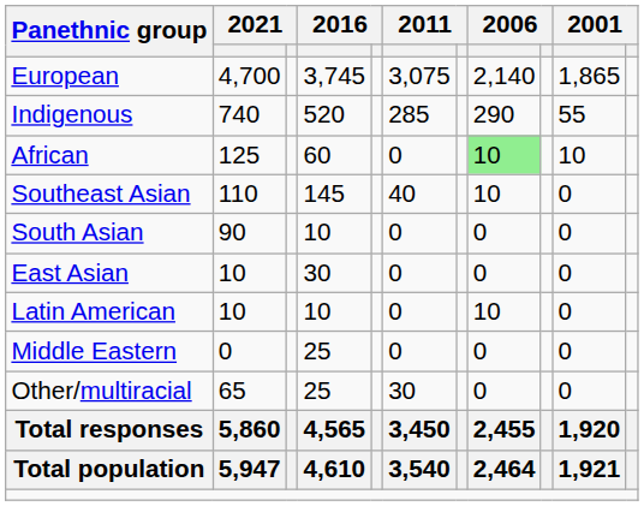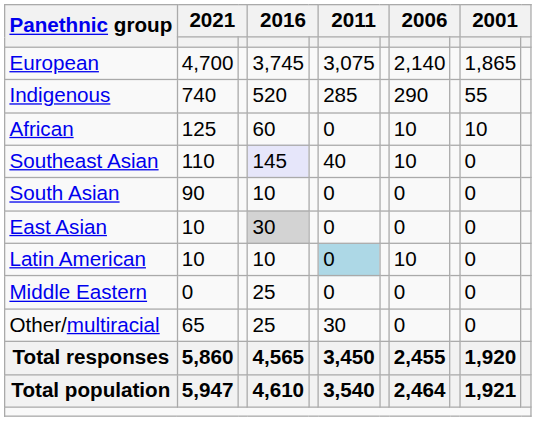 <table class="wikitable collapsible sortable">
 <tr>
 <th rowspan="2"><a href='#'>Panethnic</a> group</th>
 <th colspan="2">2021</th>
 <th colspan="2">2016</th>
 <th colspan="2">2011</th>
 <th colspan="2">2006</th>
 <th colspan="2">2001</th>
 </tr>
 <tr>
 <th><a href='#'></a></th>
 <th></th>
 <th></th>
 <th></th>
 <th></th>
 <th></th>
 <th></th>
 <th></th>
 <th></th>
 <th></th>
 </tr>
 <tr>
 <td><a href='#'>European</a></td>
 <td>4,700</td>
 <td></td>
 <td>3,745</td>
 <td></td>
 <td>3,075</td>
 <td></td>
 <td>2,140</td>
 <td></td>
 <td>1,865</td>
 <td></td>
 </tr>
 <tr>
 <td><a href='#'>Indigenous</a></td>
 <td>740</td>
 <td></td>
 <td>520</td>
 <td></td>
 <td>285</td>
 <td></td>
 <td>290</td>
 <td></td>
 <td>55</td>
 <td></td>
 </tr>
 <tr>
 <td><a href='#'>African</a></td>
 <td>125</td>
 <td></td>
 <td>60</td>
 <td></td>
 <td>0</td>
 <td></td>
-<td style="background: lightgreen;">10</td>
+<td>10</td>
 <td></td>
 <td>10</td>
 <td></td>
 </tr>
 <tr>
 <td><a href='#'>Southeast Asian</a></td>
 <td>110</td>
 <td></td>
-<td>145</td>
+<td style="background: lavender;">145</td>
 <td></td>
 <td>40</td>
 <td></td>
 <td>10</td>
 <td></td>
 <td>0</td>
 <td></td>
 </tr>
 <tr>
 <td><a href='#'>South Asian</a></td>
 <td>90</td>
 <td></td>
 <td>10</td>
 <td></td>
 <td>0</td>
 <td></td>
 <td>0</td>
 <td></td>
 <td>0</td>
 <td></td>
 </tr>
 <tr>
 <td><a href='#'>East Asian</a></td>
 <td>10</td>
 <td></td>
-<td>30</td>
+<td style="background: lightgrey;">30</td>
 <td></td>
 <td>0</td>
 <td></td>
 <td>0</td>
 <td></td>
 <td>0</td>
 <td></td>
 </tr>
 <tr>
 <td><a href='#'>Latin American</a></td>
 <td>10</td>
 <td></td>
 <td>10</td>
 <td></td>
-<td>0</td>
+<td style="background: lightblue;">0</td>
 <td></td>
 <td>10</td>
 <td></td>
 <td>0</td>
 <td></td>
 </tr>
 <tr>
 <td><a href='#'>Middle Eastern</a></td>
 <td>0</td>
 <td></td>
 <td>25</td>
 <td></td>
 <td>0</td>
 <td></td>
 <td>0</td>
 <td></td>
 <td>0</td>
 <td></td>
 </tr>
 <tr>
 <td>Other/<a href='#'>multiracial</a></td>
 <td>65</td>
 <td></td>
 <td>25</td>
 <td></td>
 <td>30</td>
 <td></td>
 <td>0</td>
 <td></td>
 <td>0</td>
 <td></td>
 </tr>
 <tr>
 <th>Total responses</th>
 <th>5,860</th>
 <th></th>
 <th>4,565</th>
 <th></th>
 <th>3,450</th>
 <th></th>
 <th>2,455</th>
 <th></th>
 <th>1,920</th>
 <th></th>
 </tr>
 <tr class="sortbottom">
 <th>Total population</th>
 <th>5,947</th>
 <th></th>
 <th>4,610</th>
 <th></th>
 <th>3,540</th>
 <th></th>
 <th>2,464</th>
 <th></th>
 <th>1,921</th>
 <th></th>
 </tr>
 <tr class="sortbottom">
 <td colspan="11"></td>
 </tr>
 </table>
